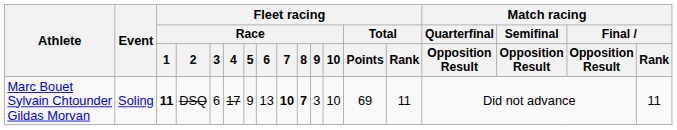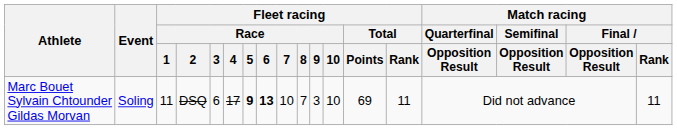 <table class=wikitable style=font-size:90%;text-align:center>
 <tr>
 <th rowspan=3>Athlete</th>
 <th rowspan=3>Event</th>
 <th colspan=12>Fleet racing</th>
 <th colspan=4>Match racing</th>
 </tr>
 <tr style=font-size:95%>
 <th colspan=10>Race</th>
 <th colspan=2>Total</th>
 <th>Quarterfinal</th>
 <th>Semifinal</th>
 <th colspan=2>Final / </th>
 </tr>
 <tr style=font-size:95%>
 <th>1</th>
 <th>2</th>
 <th>3</th>
 <th>4</th>
 <th>5</th>
 <th>6</th>
 <th>7</th>
 <th>8</th>
 <th>9</th>
 <th>10</th>
 <th>Points</th>
 <th>Rank</th>
 <th>Opposition<br>Result</th>
 <th>Opposition<br>Result</th>
 <th>Opposition<br>Result</th>
 <th>Rank</th>
 </tr>
 <tr>
 <td align=left><a href='#'>Marc Bouet</a><br><a href='#'>Sylvain Chtounder</a><br><a href='#'>Gildas Morvan</a></td>
 <td align=left><a href='#'>Soling</a></td>
-<td><strong>11</strong></td>
+<td>11</td>
 <td><s>DSQ</s></td>
 <td>6</td>
 <td><s>17</s></td>
-<td>9</td>
-<td>13</td>
-<td><strong>10</strong></td>
-<td><strong>7</strong></td>
+<td><strong>9</strong></td>
+<td><strong>13</strong></td>
+<td>10</td>
+<td>7</td>
 <td>3</td>
 <td>10</td>
 <td>69</td>
 <td>11</td>
 <td colspan=3>Did not advance</td>
 <td>11</td>
 </tr>
 </table>
